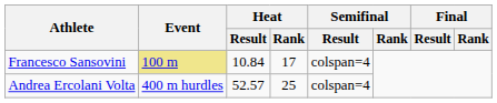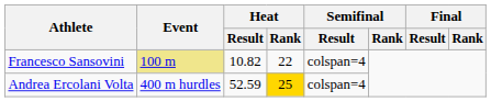 <table class="wikitable" style="font-size:90%">
 <tr>
 <th rowspan="2">Athlete</th>
 <th rowspan="2">Event</th>
 <th colspan="2">Heat</th>
 <th colspan="2">Semifinal</th>
 <th colspan="2">Final</th>
 </tr>
 <tr style="font-size:95%">
 <th>Result</th>
 <th>Rank</th>
 <th>Result</th>
 <th>Rank</th>
 <th>Result</th>
 <th>Rank</th>
 </tr>
 <tr align=center>
 <td align=left><a href='#'>Francesco Sansovini</a></td>
 <td align=left style="background: khaki;"><a href='#'>100 m</a></td>
-<td>10.84</td>
-<td>17</td>
+<td>10.82</td>
+<td>22</td>
 <td>colspan=4 </td>
 </tr>
 <tr align=center>
 <td align=left><a href='#'>Andrea Ercolani Volta</a></td>
 <td align=left><a href='#'>400 m hurdles</a></td>
-<td>52.57 </td>
-<td>25</td>
+<td>52.59 </td>
+<td style="background: gold;">25</td>
 <td>colspan=4 </td>
 </tr>
 </table>
